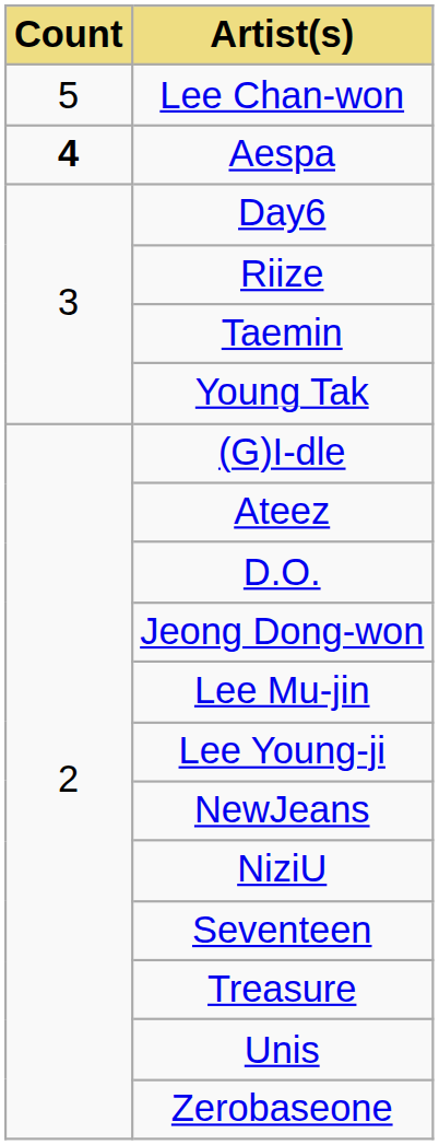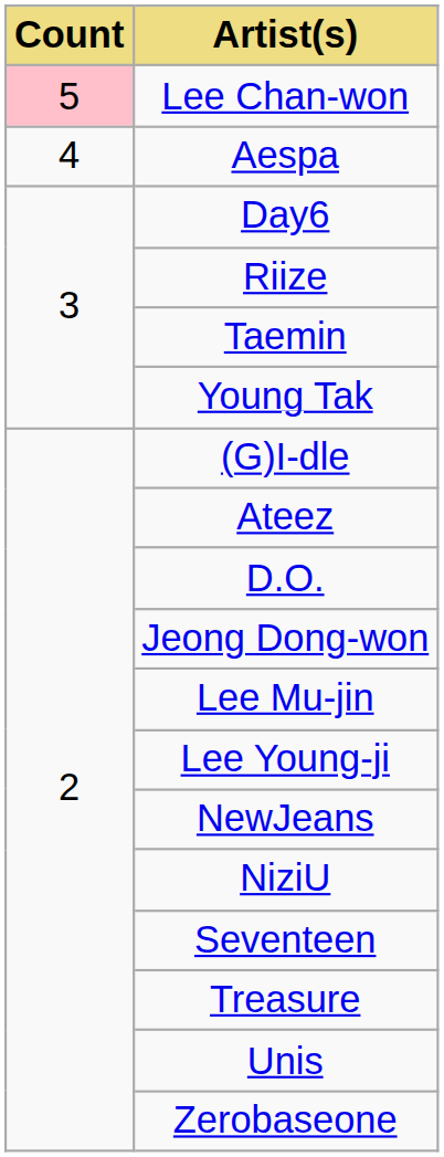 <table class="wikitable" style="text-align:center">
 <tr>
 <th scope="col" style="background-color:#EEDD82">Count</th>
 <th scope="col" style="background-color:#EEDD82">Artist(s)</th>
 </tr>
 <tr>
-<td>5</td>
+<td style="background: pink;">5</td>
 <td><a href='#'>Lee Chan-won</a></td>
 </tr>
 <tr>
-<td><strong>4</strong></td>
+<td>4</td>
 <td><a href='#'>Aespa</a></td>
 </tr>
 <tr>
 <td rowspan="4">3</td>
 <td><a href='#'>Day6</a></td>
 </tr>
 <tr>
 <td><a href='#'>Riize</a></td>
 </tr>
 <tr>
 <td><a href='#'>Taemin</a></td>
 </tr>
 <tr>
 <td><a href='#'>Young Tak</a></td>
 </tr>
 <tr>
 <td rowspan="12">2</td>
 <td><a href='#'>(G)I-dle</a></td>
 </tr>
 <tr>
 <td><a href='#'>Ateez</a></td>
 </tr>
 <tr>
 <td><a href='#'>D.O.</a></td>
 </tr>
 <tr>
 <td><a href='#'>Jeong Dong-won</a></td>
 </tr>
 <tr>
 <td><a href='#'>Lee Mu-jin</a></td>
 </tr>
 <tr>
 <td><a href='#'>Lee Young-ji</a></td>
 </tr>
 <tr>
 <td><a href='#'>NewJeans</a></td>
 </tr>
 <tr>
 <td><a href='#'>NiziU</a></td>
 </tr>
 <tr>
 <td><a href='#'>Seventeen</a></td>
 </tr>
 <tr>
 <td><a href='#'>Treasure</a></td>
 </tr>
 <tr>
 <td><a href='#'>Unis</a></td>
 </tr>
 <tr>
 <td><a href='#'>Zerobaseone</a></td>
 </tr>
 </table>
